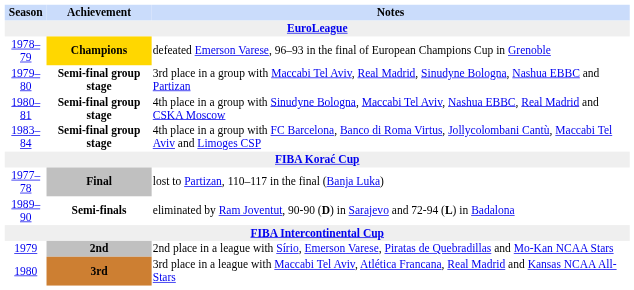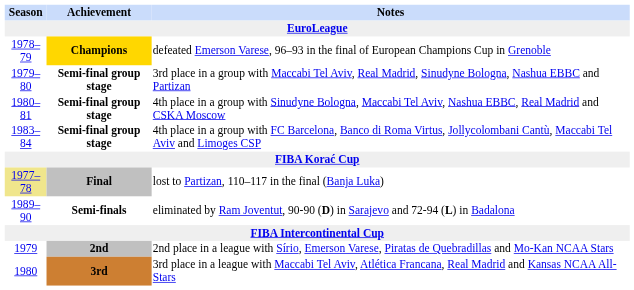 <table class="toccolours" border="0" cellpadding="2" cellspacing="0" align="left" style="margin:0.5em;">
 <tr bgcolor=#CADCFB>
 <th>Season</th>
 <th>Achievement</th>
 <th>Notes</th>
 </tr>
 <tr>
 <th colspan="4" bgcolor=#EFEFEF><a href='#'>EuroLeague</a></th>
 </tr>
 <tr>
 <td align="center"><a href='#'>1978–79</a></td>
 <td align="center" bgcolor="gold"><strong>Champions</strong></td>
 <td align="left">defeated <a href='#'>Emerson Varese</a>, 96–93 in the final of European Champions Cup in <a href='#'>Grenoble</a></td>
 </tr>
 <tr>
 <td align="center"><a href='#'>1979–80</a></td>
 <td align="center"><strong>Semi-final group stage</strong></td>
 <td align="left">3rd place in a group with <a href='#'>Maccabi Tel Aviv</a>, <a href='#'>Real Madrid</a>, <a href='#'>Sinudyne Bologna</a>, <a href='#'>Nashua EBBC</a> and <a href='#'>Partizan</a></td>
 </tr>
 <tr>
 <td align="center"><a href='#'>1980–81</a></td>
 <td align="center"><strong>Semi-final group stage</strong></td>
 <td align="left">4th place in a group with <a href='#'>Sinudyne Bologna</a>, <a href='#'>Maccabi Tel Aviv</a>, <a href='#'>Nashua EBBC</a>, <a href='#'>Real Madrid</a> and <a href='#'>CSKA Moscow</a></td>
 </tr>
 <tr>
 <td align="center"><a href='#'>1983–84</a></td>
 <td align="center"><strong>Semi-final group stage</strong></td>
 <td align="left">4th place in a group with <a href='#'>FC Barcelona</a>, <a href='#'>Banco di Roma Virtus</a>, <a href='#'>Jollycolombani Cantù</a>, <a href='#'>Maccabi Tel Aviv</a> and <a href='#'>Limoges CSP</a></td>
 </tr>
 <tr>
 <th colspan="4" bgcolor=#EFEFEF><a href='#'>FIBA Korać Cup</a></th>
 </tr>
 <tr>
-<td align="center"><a href='#'>1977–78</a></td>
+<td align="center" style="background: khaki;"><a href='#'>1977–78</a></td>
 <td align="center" bgcolor= silver><strong>Final</strong></td>
 <td align="left">lost to <a href='#'>Partizan</a>, 110–117 in the final (<a href='#'>Banja Luka</a>)</td>
 </tr>
 <tr>
 <td align="center"><a href='#'>1989–90</a></td>
 <td align="center"><strong>Semi-finals</strong></td>
 <td align="left">eliminated by <a href='#'>Ram Joventut</a>, 90-90 (<strong>D</strong>) in <a href='#'>Sarajevo</a> and 72-94 (<strong>L</strong>) in <a href='#'>Badalona</a></td>
 </tr>
 <tr>
 <th colspan="4" bgcolor=#EFEFEF><a href='#'>FIBA Intercontinental Cup</a></th>
 </tr>
 <tr>
 <td align="center"><a href='#'>1979</a></td>
 <td align="center" bgcolor= silver><strong>2nd</strong></td>
 <td align="left">2nd place in a league with <a href='#'>Sírio</a>, <a href='#'>Emerson Varese</a>, <a href='#'>Piratas de Quebradillas</a> and <a href='#'>Mo-Kan NCAA Stars</a></td>
 </tr>
 <tr>
 <td align="center"><a href='#'>1980</a></td>
 <td align="center" bgcolor= #CD7F32><strong>3rd</strong></td>
 <td align="left">3rd place in a league with <a href='#'>Maccabi Tel Aviv</a>, <a href='#'>Atlética Francana</a>, <a href='#'>Real Madrid</a> and <a href='#'>Kansas NCAA All-Stars</a></td>
 </tr>
 </table>
